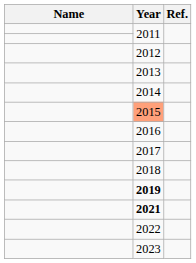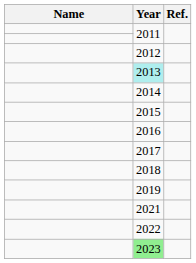 <table class="wikitable sortable" style="text-align: center;">
 <tr>
 <th style="width:10em">Name</th>
 <th>Year</th>
 <th>Ref.</th>
 </tr>
 <tr>
 <td></td>
 <td rowspan="2">2011</td>
 <td rowspan="2"></td>
 </tr>
 <tr>
 <td></td>
 </tr>
 <tr>
 <td></td>
 <td>2012</td>
 <td></td>
 </tr>
 <tr>
 <td></td>
-<td>2013</td>
+<td style="background: paleturquoise;">2013</td>
 <td></td>
 </tr>
 <tr>
 <td></td>
 <td>2014</td>
 <td></td>
 </tr>
 <tr>
 <td></td>
-<td style="background: lightsalmon;">2015</td>
+<td>2015</td>
 <td></td>
 </tr>
 <tr>
 <td></td>
 <td>2016</td>
 <td></td>
 </tr>
 <tr>
 <td></td>
 <td>2017</td>
 <td></td>
 </tr>
 <tr>
 <td></td>
 <td>2018</td>
 <td></td>
 </tr>
 <tr>
 <td></td>
-<td><strong>2019</strong></td>
+<td>2019</td>
 <td></td>
 </tr>
 <tr>
 <td></td>
-<td><strong>2021</strong></td>
+<td>2021</td>
 <td></td>
 </tr>
 <tr>
 <td></td>
 <td>2022</td>
 <td></td>
 </tr>
 <tr>
 <td></td>
-<td>2023</td>
+<td style="background: lightgreen;">2023</td>
 <td></td>
 </tr>
 </table>
